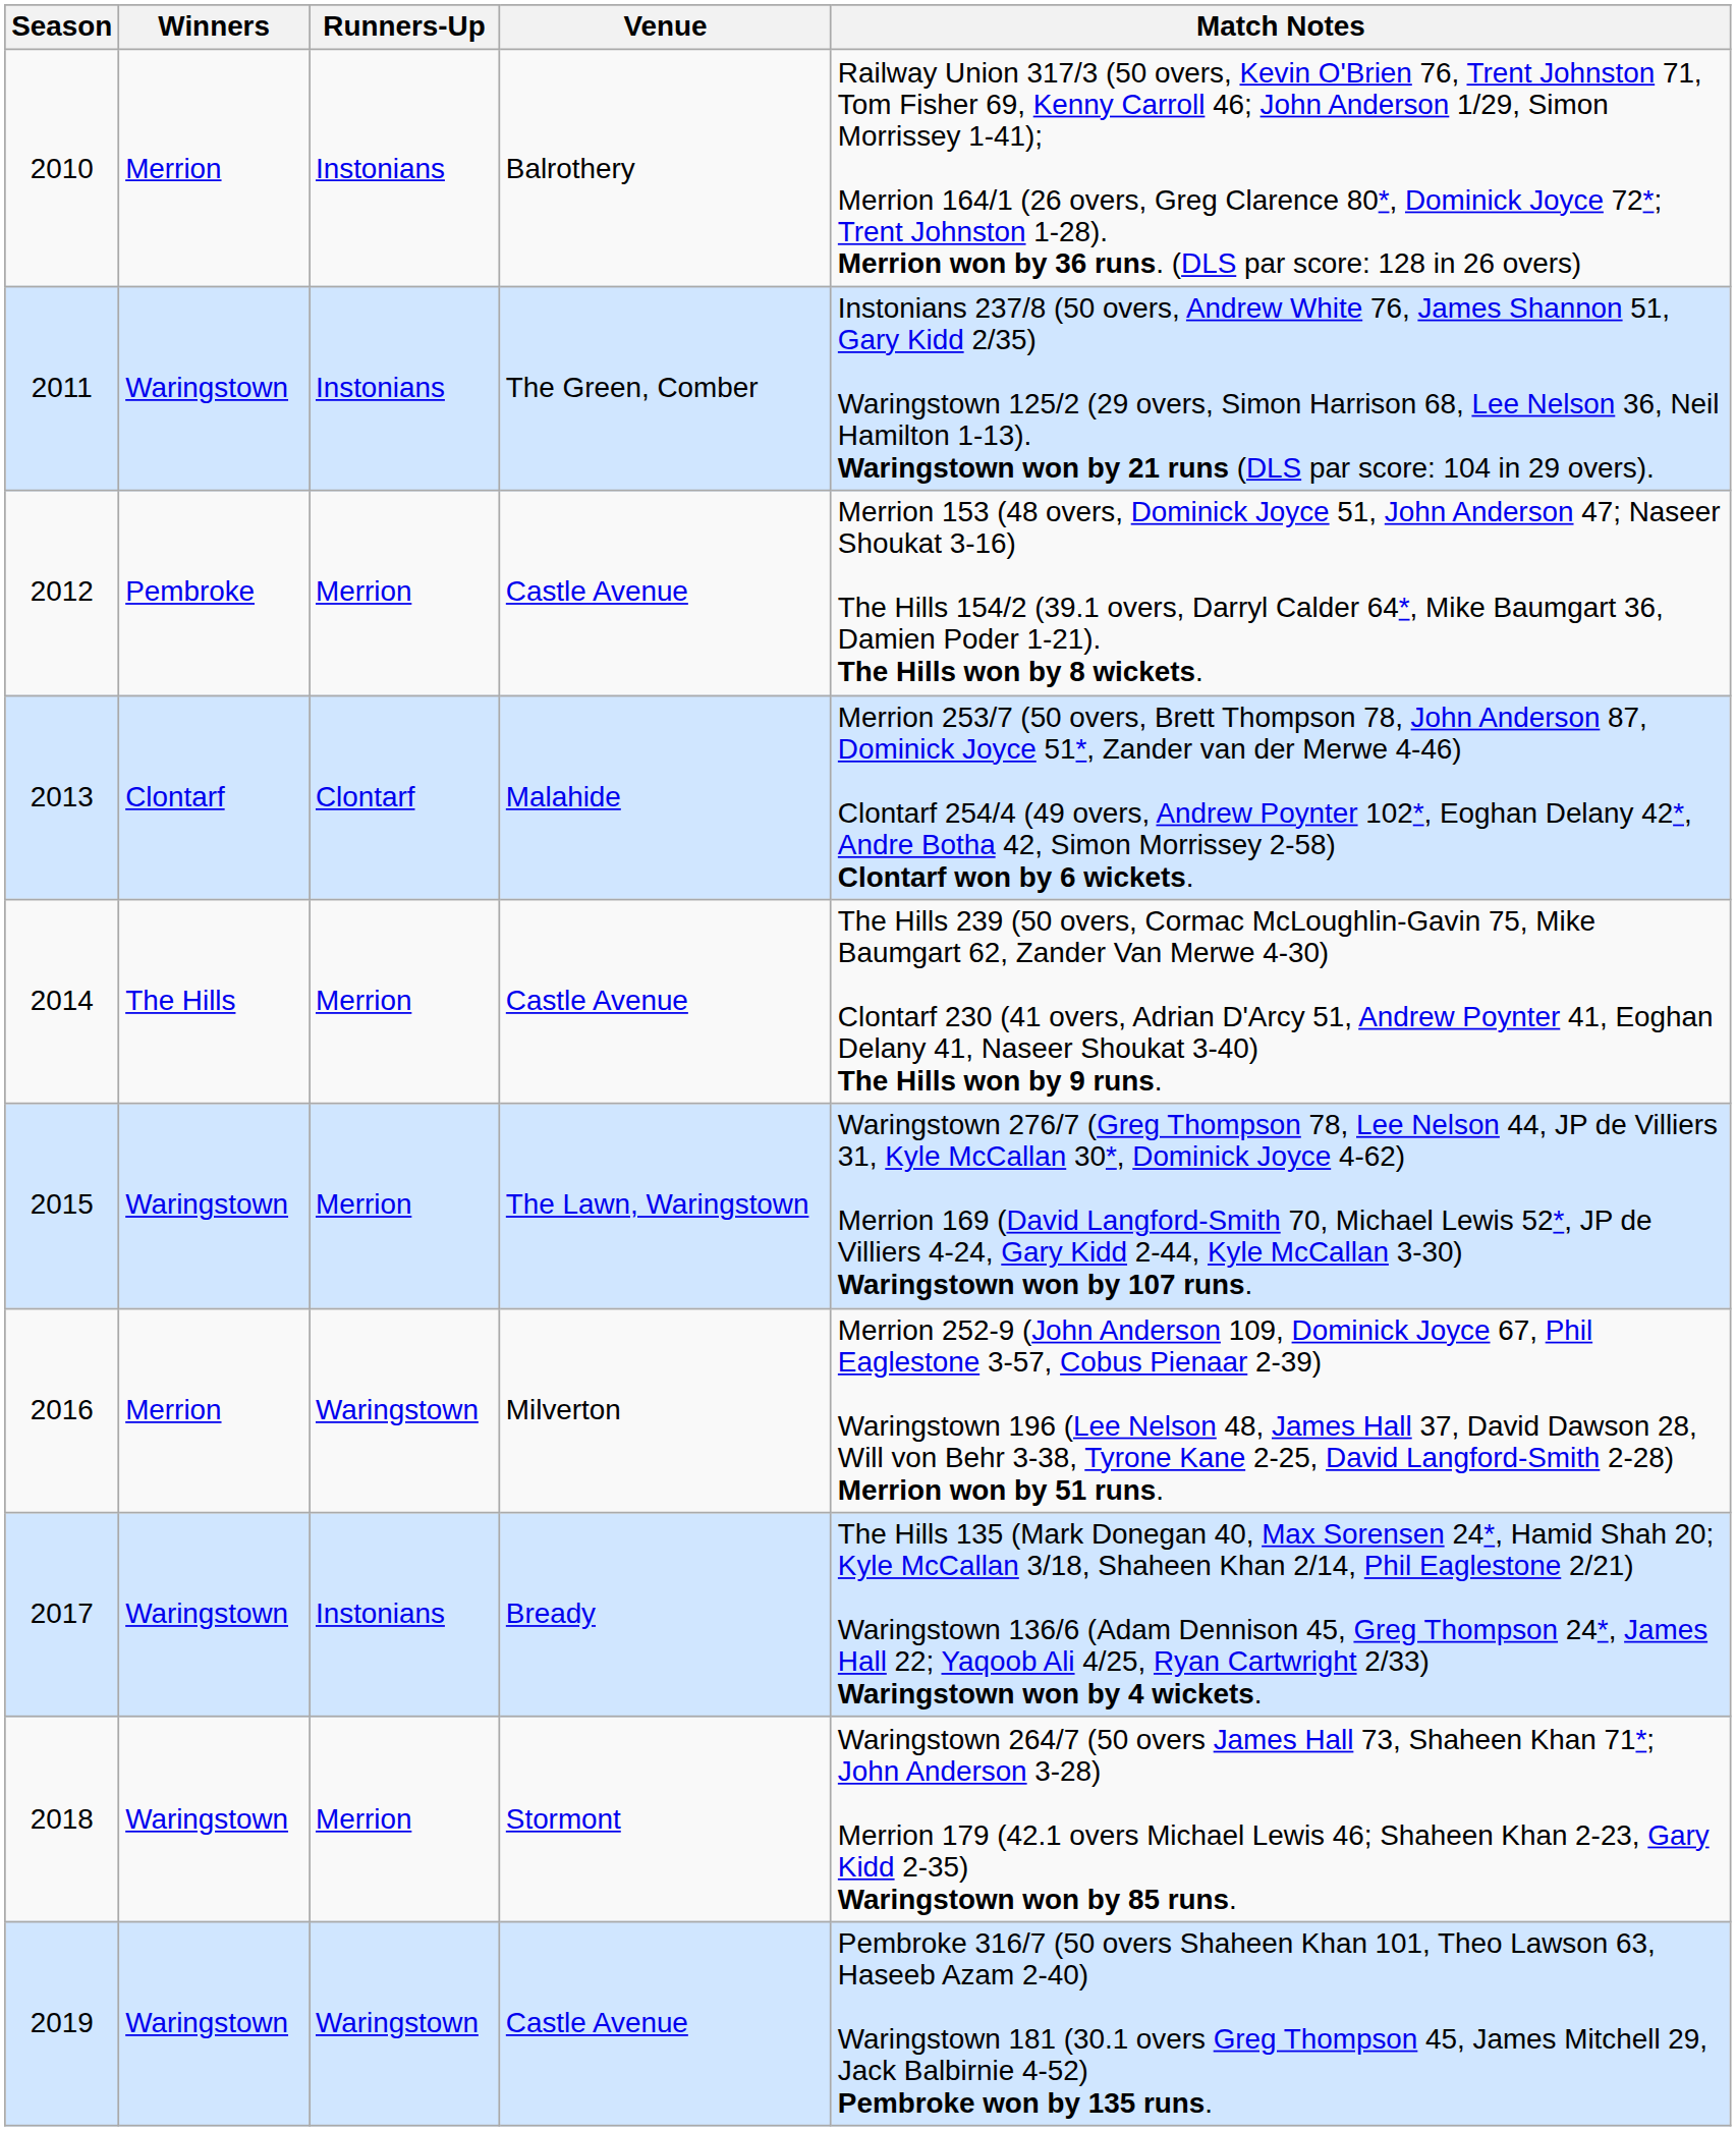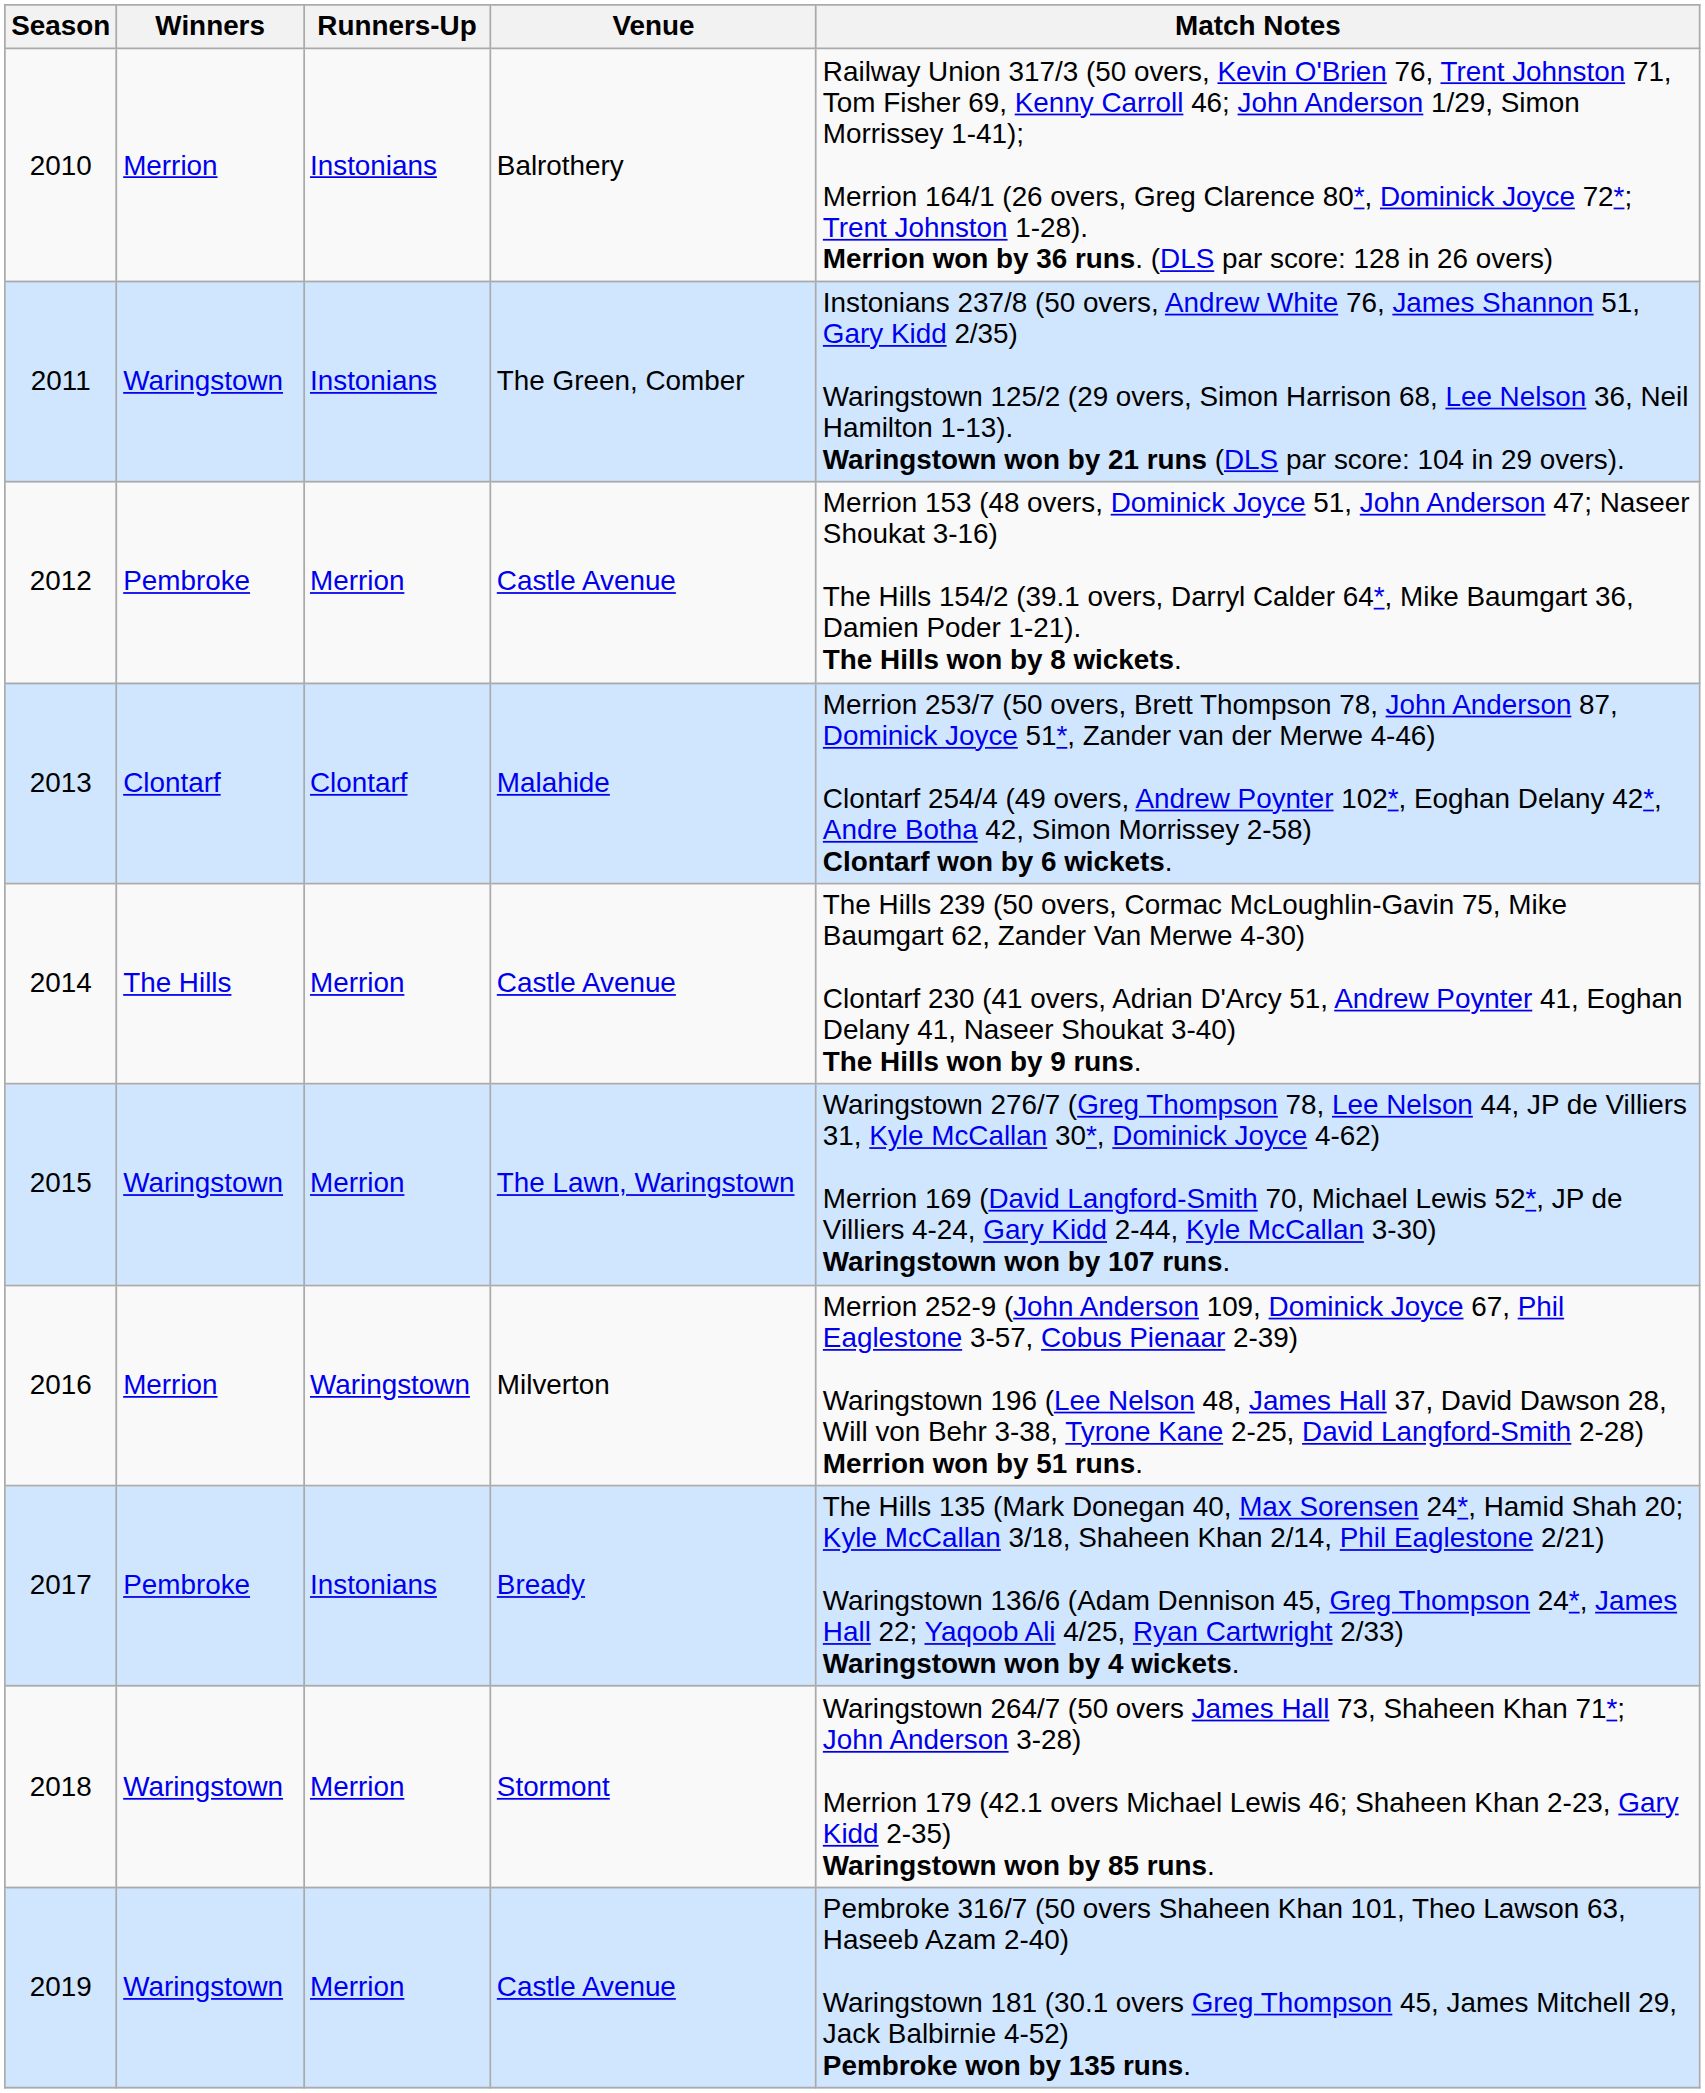 <table class="wikitable">
 <tr>
 <th>Season</th>
 <th style="width:100px;">Winners</th>
 <th style="width:100px;">Runners-Up</th>
 <th style="width:180px;">Venue</th>
 <th style="width:500px;">Match Notes</th>
 </tr>
 <tr>
 <td style="text-align:center;">2010</td>
 <td><a href='#'>Merrion</a></td>
 <td><a href='#'>Instonians</a></td>
 <td>Balrothery</td>
 <td>Railway Union 317/3 (50 overs, <a href='#'>Kevin O'Brien</a> 76, <a href='#'>Trent Johnston</a> 71, Tom Fisher 69, <a href='#'>Kenny Carroll</a> 46; <a href='#'>John Anderson</a> 1/29, Simon Morrissey 1-41);<br><br>Merrion 164/1 (26 overs, Greg Clarence 80<a href='#'>*</a>, <a href='#'>Dominick Joyce</a> 72<a href='#'>*</a>; <a href='#'>Trent Johnston</a> 1-28).<br><strong>Merrion won by 36 runs</strong>. (<a href='#'>DLS</a> par score: 128 in 26 overs)</td>
 </tr>
 <tr style="background: #D0E6FF;">
 <td style="text-align:center;">2011</td>
 <td><a href='#'>Waringstown</a></td>
 <td><a href='#'>Instonians</a></td>
 <td>The Green, Comber</td>
 <td>Instonians 237/8 (50 overs, <a href='#'>Andrew White</a> 76, <a href='#'>James Shannon</a> 51, <a href='#'>Gary Kidd</a> 2/35)<br><br>Waringstown 125/2 (29 overs, Simon Harrison 68, <a href='#'>Lee Nelson</a> 36, Neil Hamilton 1-13).<br><strong>Waringstown won by 21 runs</strong> (<a href='#'>DLS</a> par score: 104 in 29 overs).</td>
 </tr>
 <tr>
 <td style="text-align:center;">2012</td>
 <td><a href='#'>Pembroke</a></td>
 <td><a href='#'>Merrion</a></td>
 <td><a href='#'>Castle Avenue</a></td>
 <td>Merrion 153 (48 overs, <a href='#'>Dominick Joyce</a> 51, <a href='#'>John Anderson</a> 47; Naseer Shoukat 3-16)<br><br>The Hills 154/2 (39.1 overs, Darryl Calder 64<a href='#'>*</a>, Mike Baumgart 36, Damien Poder 1-21).<br><strong>The Hills won by 8 wickets</strong>.</td>
 </tr>
 <tr style="background: #D0E6FF;">
 <td style="text-align:center;">2013</td>
 <td><a href='#'>Clontarf</a></td>
 <td><a href='#'>Clontarf</a></td>
 <td><a href='#'>Malahide</a></td>
 <td>Merrion 253/7 (50 overs, Brett Thompson 78, <a href='#'>John Anderson</a> 87, <a href='#'>Dominick Joyce</a> 51<a href='#'>*</a>, Zander van der Merwe 4-46)<br><br>Clontarf 254/4 (49 overs, <a href='#'>Andrew Poynter</a> 102<a href='#'>*</a>, Eoghan Delany 42<a href='#'>*</a>, <a href='#'> Andre Botha</a> 42, Simon Morrissey 2-58) <br><strong>Clontarf won by 6 wickets</strong>.</td>
 </tr>
 <tr>
 <td style="text-align:center;">2014</td>
 <td><a href='#'>The Hills</a></td>
 <td><a href='#'>Merrion</a></td>
 <td><a href='#'>Castle Avenue</a></td>
 <td>The Hills 239 (50 overs, Cormac McLoughlin-Gavin 75, Mike Baumgart 62, Zander Van Merwe 4-30)<br><br>Clontarf 230 (41 overs, Adrian D'Arcy 51, <a href='#'>Andrew Poynter</a> 41, Eoghan Delany 41, Naseer Shoukat 3-40) <br><strong>The Hills won by 9 runs</strong>.</td>
 </tr>
 <tr style="background: #D0E6FF;">
 <td style="text-align:center;">2015</td>
 <td><a href='#'>Waringstown</a></td>
 <td><a href='#'>Merrion</a></td>
 <td><a href='#'>The Lawn, Waringstown</a></td>
 <td>Waringstown 276/7 (<a href='#'>Greg Thompson</a> 78, <a href='#'>Lee Nelson</a> 44, JP de Villiers 31, <a href='#'>Kyle McCallan</a> 30<a href='#'>*</a>, <a href='#'>Dominick Joyce</a> 4-62)<br><br>Merrion 169 (<a href='#'>David Langford-Smith</a> 70, Michael Lewis 52<a href='#'>*</a>, JP de Villiers 4-24, <a href='#'>Gary Kidd</a> 2-44, <a href='#'>Kyle McCallan</a> 3-30) <br><strong>Waringstown won by 107 runs</strong>.</td>
 </tr>
 <tr>
 <td style="text-align:center;">2016</td>
 <td><a href='#'>Merrion</a></td>
 <td><a href='#'>Waringstown</a></td>
 <td>Milverton</td>
 <td>Merrion 252-9 (<a href='#'>John Anderson</a> 109, <a href='#'>Dominick Joyce</a> 67, <a href='#'>Phil Eaglestone</a> 3-57, <a href='#'>Cobus Pienaar</a> 2-39)<br><br>Waringstown 196 (<a href='#'>Lee Nelson</a> 48, <a href='#'>James Hall</a> 37, David Dawson 28, Will von Behr 3-38, <a href='#'>Tyrone Kane</a> 2-25, <a href='#'>David Langford-Smith</a> 2-28) <br><strong>Merrion won by 51 runs</strong>.</td>
 </tr>
 <tr style="background: #D0E6FF;">
 <td style="text-align:center;">2017</td>
-<td><a href='#'>Waringstown</a></td>
+<td><a href='#'>Pembroke</a></td>
 <td><a href='#'>Instonians</a></td>
 <td><a href='#'>Bready</a></td>
 <td>The Hills 135 (Mark Donegan 40, <a href='#'>Max Sorensen</a> 24<a href='#'>*</a>, Hamid Shah 20; <a href='#'>Kyle McCallan</a> 3/18, Shaheen Khan 2/14, <a href='#'>Phil Eaglestone</a> 2/21)<br><br>Waringstown 136/6 (Adam Dennison 45, <a href='#'>Greg Thompson</a> 24<a href='#'>*</a>, <a href='#'>James Hall</a> 22; <a href='#'>Yaqoob Ali</a> 4/25, <a href='#'>Ryan Cartwright</a> 2/33) <br><strong>Waringstown won by 4 wickets</strong>.</td>
 </tr>
 <tr>
 <td style="text-align:center;">2018</td>
 <td><a href='#'>Waringstown</a></td>
 <td><a href='#'>Merrion</a></td>
 <td><a href='#'>Stormont</a></td>
 <td>Waringstown 264/7 (50 overs <a href='#'>James Hall</a> 73, Shaheen Khan 71<a href='#'>*</a>; <a href='#'>John Anderson</a> 3-28)<br><br>Merrion 179 (42.1 overs Michael Lewis 46; Shaheen Khan 2-23, <a href='#'>Gary Kidd</a> 2-35) <br><strong>Waringstown won by 85 runs</strong>.</td>
 </tr>
 <tr style="background: #D0E6FF;">
 <td style="text-align:center;">2019</td>
 <td><a href='#'>Waringstown</a></td>
-<td><a href='#'>Waringstown</a></td>
+<td><a href='#'>Merrion</a></td>
 <td><a href='#'>Castle Avenue</a></td>
 <td>Pembroke 316/7 (50 overs Shaheen Khan 101, Theo Lawson 63, Haseeb Azam 2-40)<br><br>Waringstown 181 (30.1 overs <a href='#'>Greg Thompson</a> 45, James Mitchell 29, Jack Balbirnie 4-52) <br><strong>Pembroke won by 135 runs</strong>.</td>
 </tr>
 </table>
